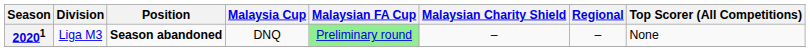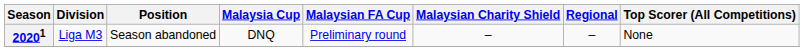 <table class="wikitable" style="font-size:89%;">
 <tr>
 <th>Season</th>
 <th>Division</th>
 <th>Position</th>
 <th><a href='#'>Malaysia Cup</a></th>
 <th><a href='#'>Malaysian FA Cup</a></th>
 <th><a href='#'>Malaysian Charity Shield</a></th>
 <th><a href='#'>Regional</a></th>
 <th>Top Scorer (All Competitions)</th>
 </tr>
 <tr>
 <th style="text-align:center;"><a href='#'>2020</a><sup>1</sup></th>
 <td style="text-align:center;"><a href='#'>Liga M3</a></td>
-<td style="text-align:center;"><strong>Season abandoned</strong></td>
+<td style="text-align:center;">Season abandoned</td>
 <td style="text-align:center;">DNQ</td>
-<td style="background: lightgreen; text-align:center;"><a href='#'>Preliminary round</a></td>
+<td style="text-align:center;"><a href='#'>Preliminary round</a></td>
 <td style="text-align:center;">–</td>
 <td style="text-align:center;">–</td>
 <td>None</td>
 </tr>
 <tr>
 </tr>
 </table>
